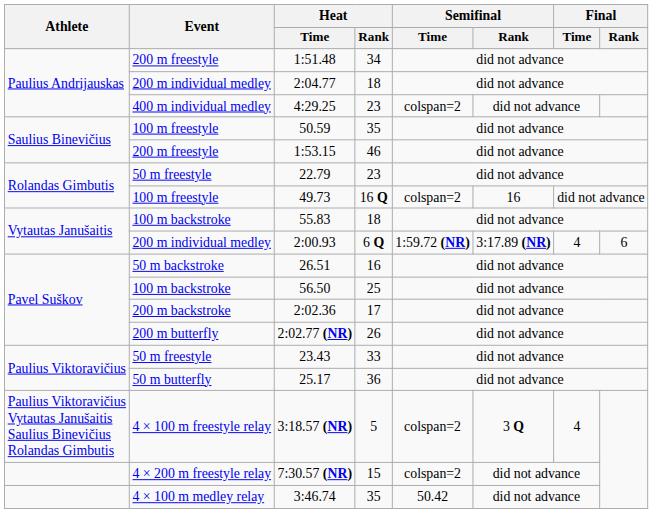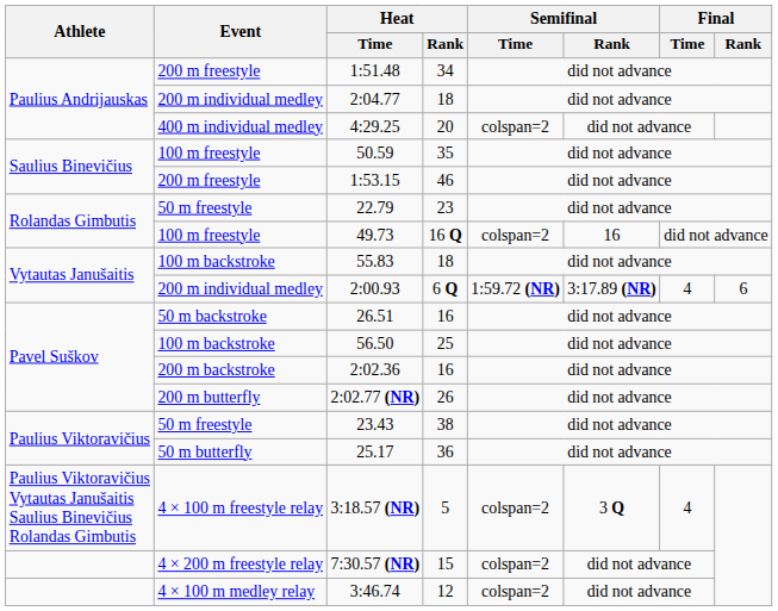 <table class=wikitable style="font-size:90%">
 <tr>
 <th rowspan="2">Athlete</th>
 <th rowspan="2">Event</th>
 <th colspan="2">Heat</th>
 <th colspan="2">Semifinal</th>
 <th colspan="2">Final</th>
 </tr>
 <tr style="font-size:95%">
 <th>Time</th>
 <th>Rank</th>
 <th>Time</th>
 <th>Rank</th>
 <th>Time</th>
 <th>Rank</th>
 </tr>
 <tr align=center>
 <td align=left rowspan=3><a href='#'>Paulius Andrijauskas</a></td>
 <td align=left><a href='#'>200 m freestyle</a></td>
 <td>1:51.48</td>
 <td>34</td>
 <td colspan=4>did not advance</td>
 </tr>
 <tr align=center>
 <td align=left><a href='#'>200 m individual medley</a></td>
 <td>2:04.77</td>
 <td>18</td>
 <td colspan=4>did not advance</td>
 </tr>
 <tr align=center>
 <td align=left><a href='#'>400 m individual medley</a></td>
 <td>4:29.25</td>
-<td>23</td>
+<td>20</td>
 <td>colspan=2 </td>
 <td colspan=2>did not advance</td>
 </tr>
 <tr align=center>
 <td align=left rowspan=2><a href='#'>Saulius Binevičius</a></td>
 <td align=left><a href='#'>100 m freestyle</a></td>
 <td>50.59</td>
 <td>35</td>
 <td colspan=4>did not advance</td>
 </tr>
 <tr align=center>
 <td align=left><a href='#'>200 m freestyle</a></td>
 <td>1:53.15</td>
 <td>46</td>
 <td colspan=4>did not advance</td>
 </tr>
 <tr align=center>
 <td align=left rowspan=2><a href='#'>Rolandas Gimbutis</a></td>
 <td align=left><a href='#'>50 m freestyle</a></td>
 <td>22.79</td>
 <td>23</td>
 <td colspan=4>did not advance</td>
 </tr>
 <tr align=center>
 <td align=left><a href='#'>100 m freestyle</a></td>
 <td>49.73</td>
 <td>16 <strong>Q</strong></td>
 <td>colspan=2 </td>
 <td>16</td>
 <td colspan=2>did not advance</td>
 </tr>
 <tr align=center>
 <td align=left rowspan=2><a href='#'>Vytautas Janušaitis</a></td>
 <td align=left><a href='#'>100 m backstroke</a></td>
 <td>55.83</td>
 <td>18</td>
 <td colspan=4>did not advance</td>
 </tr>
 <tr align=center>
 <td align=left><a href='#'>200 m individual medley</a></td>
 <td>2:00.93</td>
 <td>6 <strong>Q</strong></td>
 <td>1:59.72 <strong>(<a href='#'>NR</a>)</strong></td>
 <td>3:17.89 <strong>(<a href='#'>NR</a>)</strong></td>
 <td>4</td>
 <td>6</td>
 </tr>
 <tr align=center>
 <td align=left rowspan=4><a href='#'>Pavel Suškov</a></td>
 <td align=left><a href='#'>50 m backstroke</a></td>
 <td>26.51</td>
 <td>16</td>
 <td colspan=4>did not advance</td>
 </tr>
 <tr align=center>
 <td align=left><a href='#'>100 m backstroke</a></td>
 <td>56.50</td>
 <td>25</td>
 <td colspan=4>did not advance</td>
 </tr>
 <tr align=center>
 <td align=left><a href='#'>200 m backstroke</a></td>
 <td>2:02.36</td>
-<td>17</td>
+<td>16</td>
 <td colspan=4>did not advance</td>
 </tr>
 <tr align=center>
 <td align=left><a href='#'>200 m butterfly</a></td>
 <td>2:02.77 <strong>(<a href='#'>NR</a>)</strong></td>
 <td>26</td>
 <td colspan=4>did not advance</td>
 </tr>
 <tr align=center>
 <td align=left rowspan=2><a href='#'>Paulius Viktoravičius</a></td>
 <td align=left><a href='#'>50 m freestyle</a></td>
 <td>23.43</td>
-<td>33</td>
+<td>38</td>
 <td colspan=4>did not advance</td>
 </tr>
 <tr align=center>
 <td align=left><a href='#'>50 m butterfly</a></td>
 <td>25.17</td>
 <td>36</td>
 <td colspan=4>did not advance</td>
 </tr>
 <tr align=center>
 <td align=left><a href='#'>Paulius Viktoravičius</a><br><a href='#'>Vytautas Janušaitis</a><br><a href='#'>Saulius Binevičius</a><br><a href='#'>Rolandas Gimbutis</a></td>
 <td align=left><a href='#'>4 × 100 m freestyle relay</a></td>
 <td>3:18.57 <strong>(<a href='#'>NR</a>)</strong></td>
 <td>5</td>
 <td>colspan=2 </td>
 <td>3 <strong>Q</strong></td>
 <td>4</td>
 </tr>
 <tr align=center>
 <td align=left></td>
 <td align=left><a href='#'>4 × 200 m freestyle relay</a></td>
 <td>7:30.57 <strong>(<a href='#'>NR</a>)</strong></td>
 <td>15</td>
 <td>colspan=2 </td>
 <td colspan=2>did not advance</td>
 </tr>
 <tr align=center>
 <td align=left></td>
 <td align=left><a href='#'>4 × 100 m medley relay</a></td>
 <td>3:46.74</td>
-<td>35</td>
-<td>50.42</td>
+<td>12</td>
+<td>colspan=2 </td>
 <td colspan=2>did not advance</td>
 </tr>
 </table>
